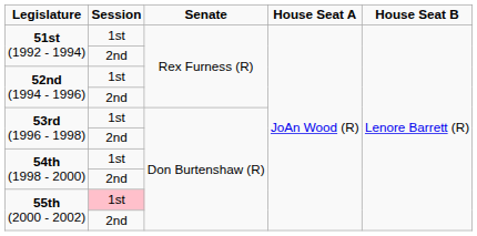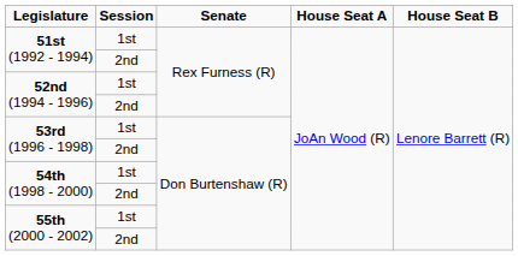 <table class=wikitable style="text-align:center">
 <tr>
 <td><strong>Legislature</strong></td>
 <td><strong>Session</strong></td>
 <td><strong>Senate</strong></td>
 <td><strong>House Seat A</strong></td>
 <td><strong>House Seat B</strong></td>
 </tr>
 <tr>
 <td rowspan="2" colspan="1" style="text-align: center;"><strong>51st</strong> <br> (1992 - 1994)</td>
 <td>1st</td>
 <td rowspan="4" colspan="1" style="text-align: center;" >Rex Furness (R)</td>
 <td rowspan="10" colspan="1" style="text-align: center;" ><a href='#'>JoAn Wood</a> (R)</td>
 <td rowspan="10" colspan="1" style="text-align: center;" ><a href='#'>Lenore Barrett</a> (R)</td>
 </tr>
 <tr>
 <td>2nd</td>
 </tr>
 <tr>
 <td rowspan="2" colspan="1" style="text-align: center;"><strong>52nd</strong> <br> (1994 - 1996)</td>
 <td>1st</td>
 </tr>
 <tr>
 <td>2nd</td>
 </tr>
 <tr>
 <td rowspan="2" colspan="1" style="text-align: center;"><strong>53rd</strong> <br> (1996 - 1998)</td>
 <td>1st</td>
 <td rowspan="6" colspan="1" style="text-align: center;" >Don Burtenshaw (R)</td>
 </tr>
 <tr>
 <td>2nd</td>
 </tr>
 <tr>
 <td rowspan="2" colspan="1" style="text-align: center;"><strong>54th</strong> <br> (1998 - 2000)</td>
 <td>1st</td>
 </tr>
 <tr>
 <td>2nd</td>
 </tr>
 <tr>
 <td rowspan="2" colspan="1" style="text-align: center;"><strong>55th</strong> <br> (2000 - 2002)</td>
-<td style="background: pink;">1st</td>
+<td>1st</td>
 </tr>
 <tr>
 <td>2nd</td>
 </tr>
 </table>
